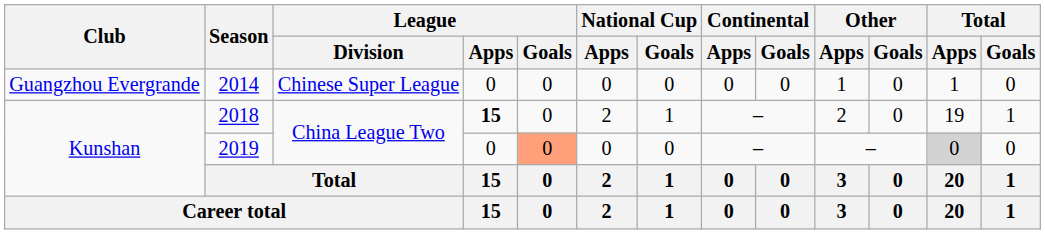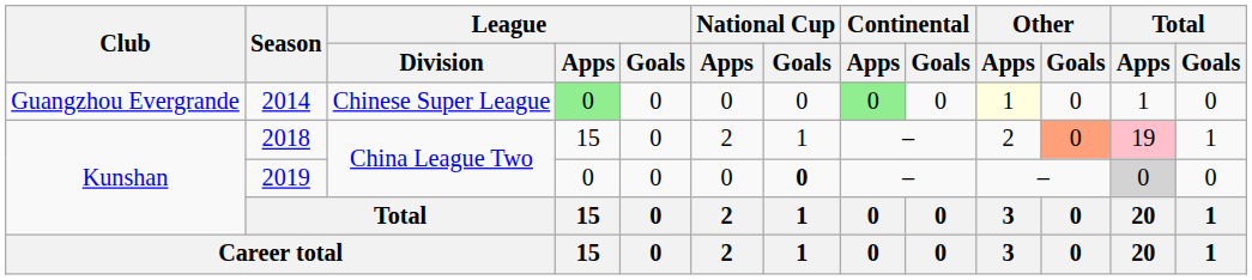 <table class="wikitable" style="text-align: center">
 <tr>
 <th rowspan="2">Club</th>
 <th rowspan="2">Season</th>
 <th colspan="3">League</th>
 <th colspan="2">National Cup</th>
 <th colspan="2">Continental</th>
 <th colspan="2">Other</th>
 <th colspan="2">Total</th>
 </tr>
 <tr>
 <th>Division</th>
 <th>Apps</th>
 <th>Goals</th>
 <th>Apps</th>
 <th>Goals</th>
 <th>Apps</th>
 <th>Goals</th>
 <th>Apps</th>
 <th>Goals</th>
 <th>Apps</th>
 <th>Goals</th>
 </tr>
 <tr>
 <td rowspan="1"><a href='#'>Guangzhou Evergrande</a></td>
 <td><a href='#'>2014</a></td>
 <td rowspan="1"><a href='#'>Chinese Super League</a></td>
+<td style="background: lightgreen;">0</td>
 <td>0</td>
 <td>0</td>
 <td>0</td>
+<td style="background: lightgreen;">0</td>
 <td>0</td>
-<td>0</td>
-<td>0</td>
-<td>1</td>
+<td style="background: lightyellow;">1</td>
 <td>0</td>
 <td>1</td>
 <td>0</td>
 </tr>
 <tr>
 <td rowspan=3><a href='#'>Kunshan</a></td>
 <td><a href='#'>2018</a></td>
 <td rowspan=2><a href='#'>China League Two</a></td>
-<td><strong>15</strong></td>
+<td>15</td>
 <td>0</td>
 <td>2</td>
 <td>1</td>
 <td colspan="2">–</td>
 <td>2</td>
-<td>0</td>
-<td>19</td>
+<td style="background: lightsalmon;">0</td>
+<td style="background: pink;">19</td>
 <td>1</td>
 </tr>
 <tr>
 <td><a href='#'>2019</a></td>
 <td>0</td>
-<td style="background: lightsalmon;">0</td>
 <td>0</td>
 <td>0</td>
+<td><strong>0</strong></td>
 <td colspan="2">–</td>
 <td colspan="2">–</td>
 <td style="background: lightgrey;">0</td>
 <td>0</td>
 </tr>
 <tr>
 <th colspan=2>Total</th>
 <th>15</th>
 <th>0</th>
 <th>2</th>
 <th>1</th>
 <th>0</th>
 <th>0</th>
 <th>3</th>
 <th>0</th>
 <th>20</th>
 <th>1</th>
 </tr>
 <tr>
 <th colspan=3>Career total</th>
 <th>15</th>
 <th>0</th>
 <th>2</th>
 <th>1</th>
 <th>0</th>
 <th>0</th>
 <th>3</th>
 <th>0</th>
 <th>20</th>
 <th>1</th>
 </tr>
 </table>
